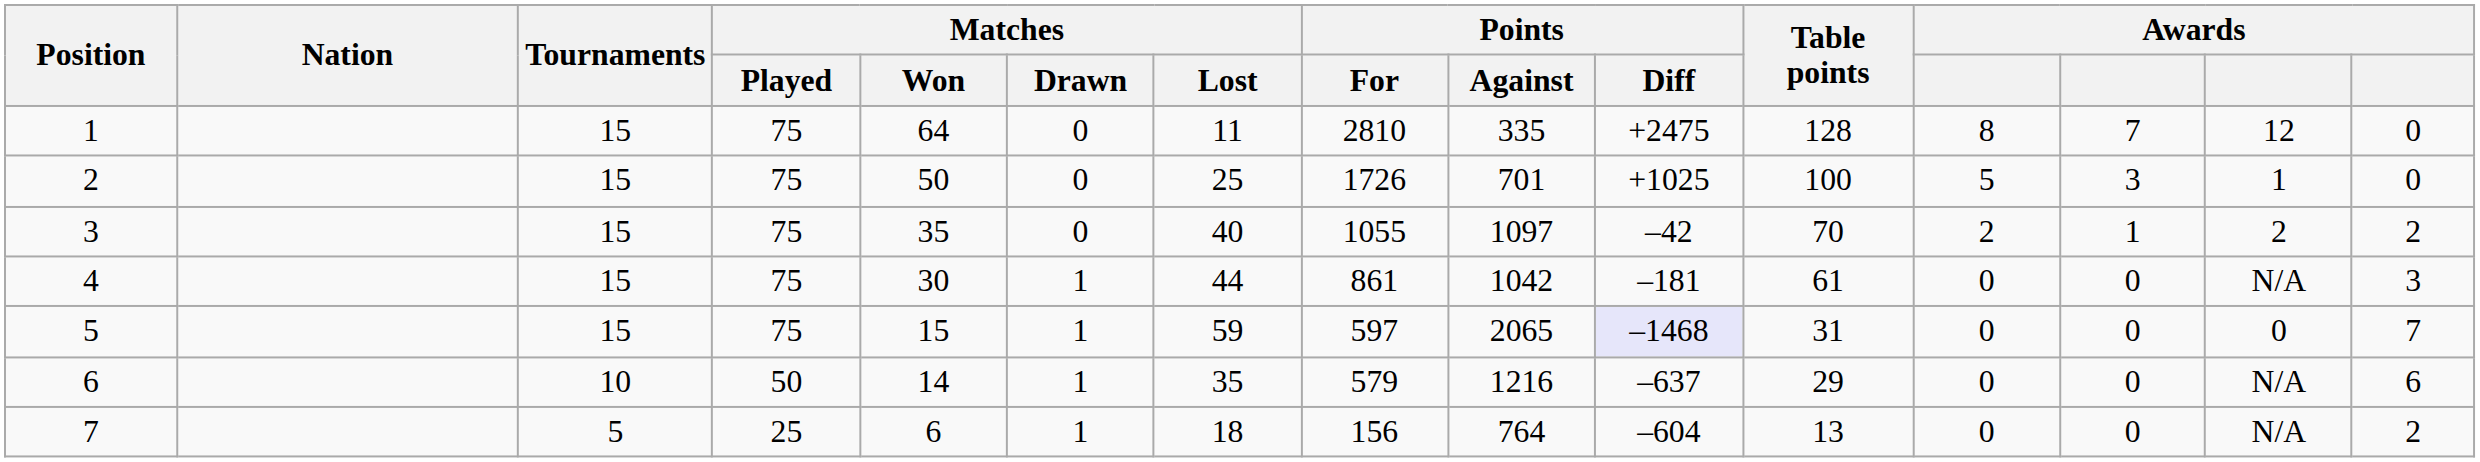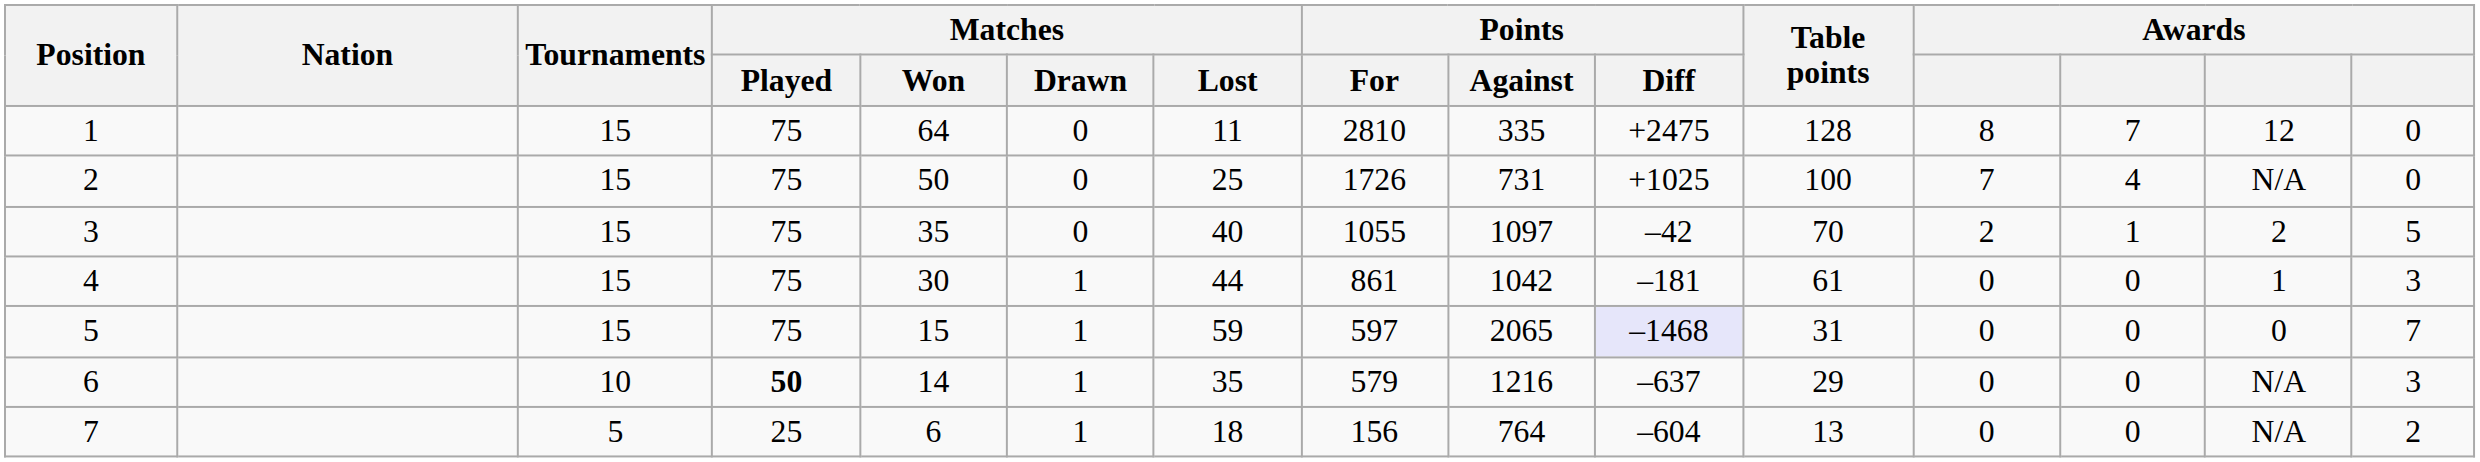 <table class="wikitable" style="text-align:center">
 <tr>
 <th rowspan="2" style="width:7%">Position</th>
 <th rowspan="2" style="width:14%">Nation</th>
 <th rowspan="2" style="width:7%">Tournaments</th>
 <th colspan="4" style="width:28%">Matches</th>
 <th colspan="3" style="width:21%">Points</th>
 <th rowspan="2" style="width:7%">Table<br> points</th>
 <th colspan="4" style="width:24%">Awards</th>
 </tr>
 <tr>
 <th style="width:6%">Played</th>
 <th style="width:6%">Won</th>
 <th style="width:6%">Drawn</th>
 <th style="width:6%">Lost</th>
 <th style="width:6%">For</th>
 <th style="width:6%">Against</th>
 <th style="width:6%">Diff</th>
 <th style="width:6%"></th>
 <th style="width:6%"></th>
 <th style="width:6%"></th>
 <th style="width:6%"></th>
 </tr>
 <tr>
 <td>1</td>
 <td align="left"></td>
 <td>15</td>
 <td>75</td>
 <td>64</td>
 <td>0</td>
 <td>11</td>
 <td>2810</td>
 <td>335</td>
 <td>+2475</td>
 <td>128</td>
 <td>8</td>
 <td>7</td>
 <td>12</td>
 <td>0</td>
 </tr>
 <tr>
 <td>2</td>
 <td align="left"></td>
 <td>15</td>
 <td>75</td>
 <td>50</td>
 <td>0</td>
 <td>25</td>
 <td>1726</td>
-<td>701</td>
+<td>731</td>
 <td>+1025</td>
 <td>100</td>
-<td>5</td>
-<td>3</td>
-<td>1</td>
+<td>7</td>
+<td>4</td>
+<td>N/A</td>
 <td>0</td>
 </tr>
 <tr>
 <td>3</td>
 <td align="left"></td>
 <td>15</td>
 <td>75</td>
 <td>35</td>
 <td>0</td>
 <td>40</td>
 <td>1055</td>
 <td>1097</td>
 <td>–42</td>
 <td>70</td>
 <td>2</td>
 <td>1</td>
 <td>2</td>
-<td>2</td>
+<td>5</td>
 </tr>
 <tr>
 <td>4</td>
 <td align="left"></td>
 <td>15</td>
 <td>75</td>
 <td>30</td>
 <td>1</td>
 <td>44</td>
 <td>861</td>
 <td>1042</td>
 <td>–181</td>
 <td>61</td>
 <td>0</td>
 <td>0</td>
-<td>N/A</td>
+<td>1</td>
 <td>3</td>
 </tr>
 <tr>
 <td>5</td>
 <td align="left"></td>
 <td>15</td>
 <td>75</td>
 <td>15</td>
 <td>1</td>
 <td>59</td>
 <td>597</td>
 <td>2065</td>
 <td style="background: lavender;">–1468</td>
 <td>31</td>
 <td>0</td>
 <td>0</td>
 <td>0</td>
 <td>7</td>
 </tr>
 <tr>
 <td>6</td>
 <td align="left"></td>
 <td>10</td>
-<td>50</td>
+<td><strong>50</strong></td>
 <td>14</td>
 <td>1</td>
 <td>35</td>
 <td>579</td>
 <td>1216</td>
 <td>–637</td>
 <td>29</td>
 <td>0</td>
 <td>0</td>
 <td>N/A</td>
-<td>6</td>
+<td>3</td>
 </tr>
 <tr>
 <td>7</td>
 <td align="left"></td>
 <td>5</td>
 <td>25</td>
 <td>6</td>
 <td>1</td>
 <td>18</td>
 <td>156</td>
 <td>764</td>
 <td>–604</td>
 <td>13</td>
 <td>0</td>
 <td>0</td>
 <td>N/A</td>
 <td>2</td>
 </tr>
 </table>
